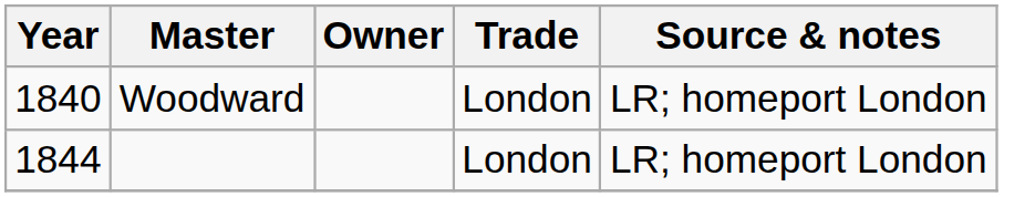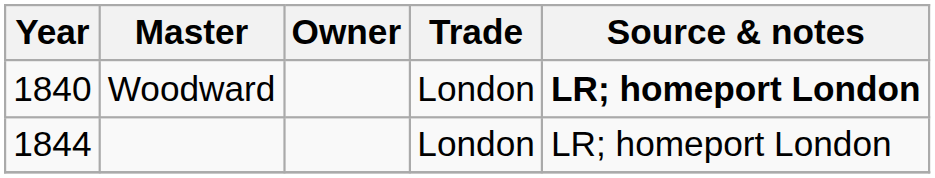 <table class="sortable wikitable">
 <tr>
 <th>Year</th>
 <th>Master</th>
 <th>Owner</th>
 <th>Trade</th>
 <th>Source & notes</th>
 </tr>
 <tr>
 <td>1840</td>
 <td>Woodward</td>
 <td></td>
 <td>London</td>
-<td>LR; homeport London</td>
+<td><strong>LR; homeport London</strong></td>
 </tr>
 <tr>
 <td>1844</td>
 <td></td>
 <td></td>
 <td>London</td>
 <td>LR; homeport London</td>
 </tr>
 <tr>
 </tr>
 </table>
